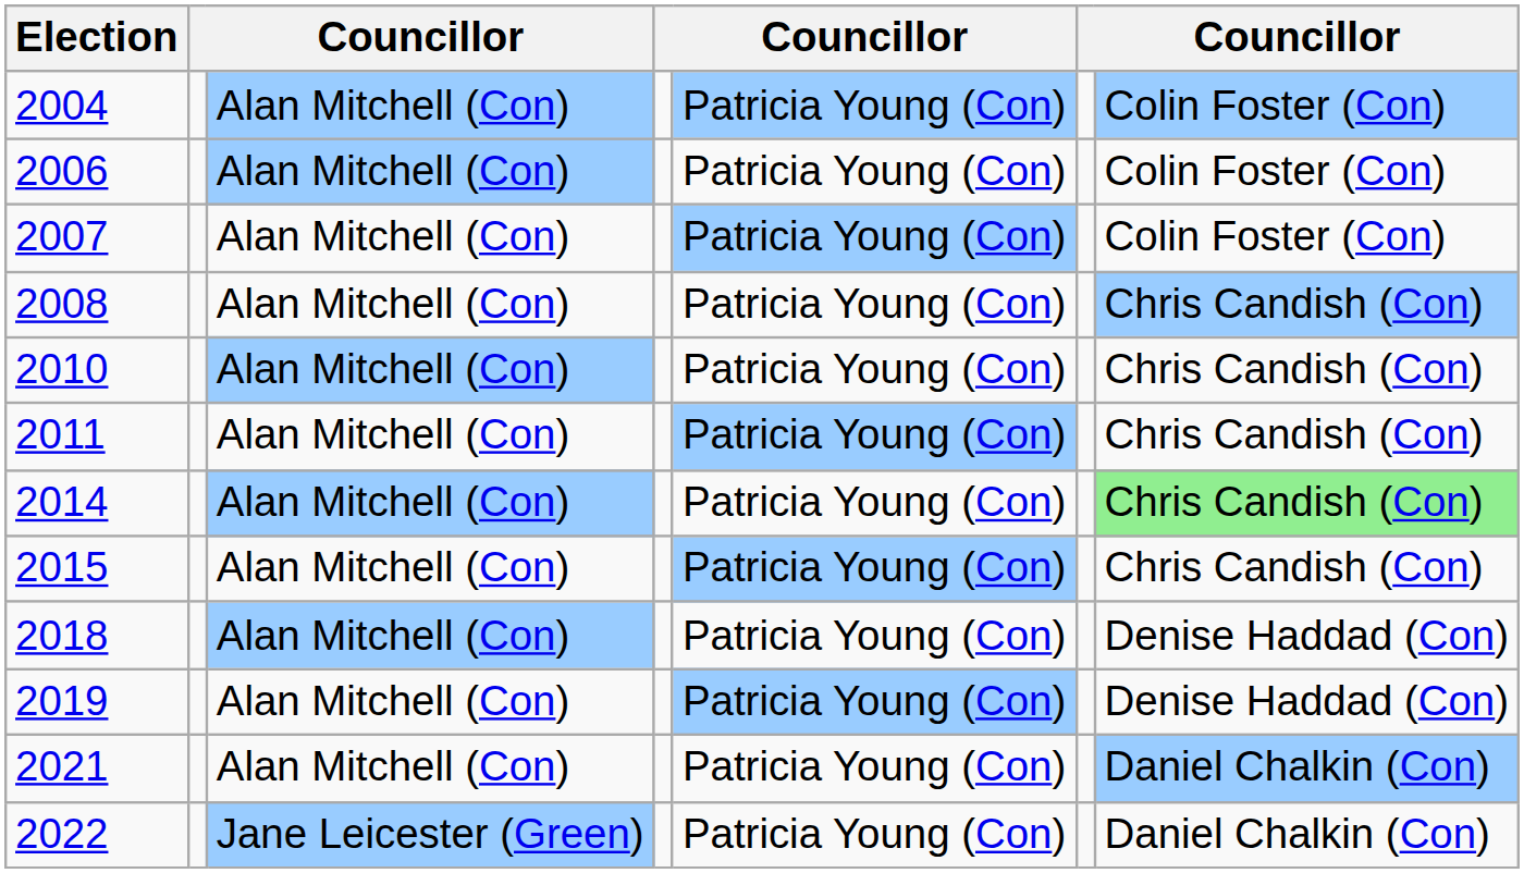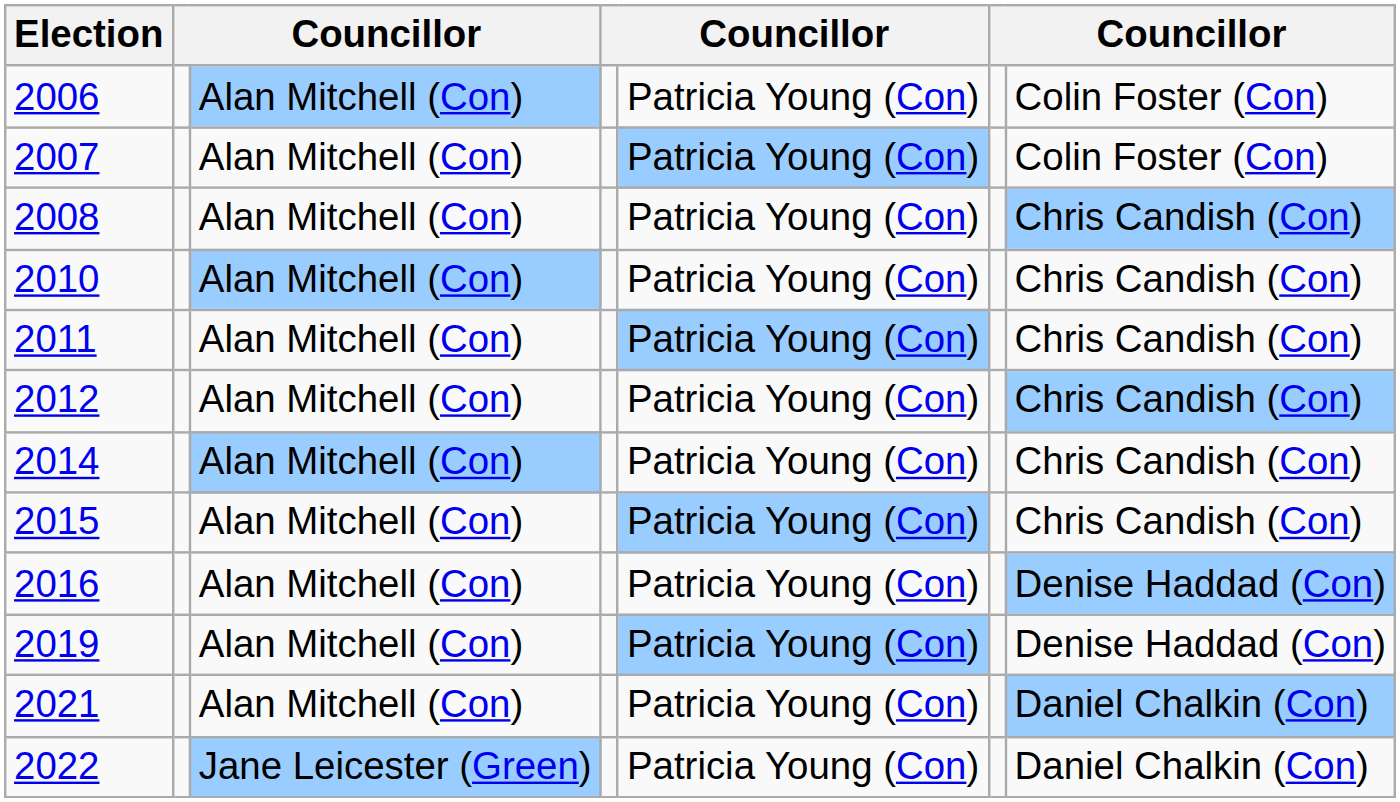 <table class="wikitable">
 <tr>
 <th>Election</th>
 <th colspan="2">Councillor</th>
 <th colspan="2">Councillor</th>
 <th colspan="2">Councillor</th>
-</tr>
-<tr>
-<td><a href='#'>2004</a></td>
-<td style="background-color: "></td>
-<td bgcolor="#99CCFF">Alan Mitchell (<a href='#'>Con</a>)</td>
-<td style="background-color: "></td>
-<td bgcolor="#99CCFF">Patricia Young (<a href='#'>Con</a>)</td>
-<td style="background-color: "></td>
-<td bgcolor="#99CCFF">Colin Foster (<a href='#'>Con</a>)</td>
 </tr>
 <tr>
 <td><a href='#'>2006</a></td>
 <td style="background-color: "></td>
 <td bgcolor="#99CCFF">Alan Mitchell (<a href='#'>Con</a>)</td>
 <td style="background-color: "></td>
 <td>Patricia Young (<a href='#'>Con</a>)</td>
 <td style="background-color: "></td>
 <td>Colin Foster (<a href='#'>Con</a>)</td>
 </tr>
 <tr>
 <td><a href='#'>2007</a></td>
 <td style="background-color: "></td>
 <td>Alan Mitchell (<a href='#'>Con</a>)</td>
 <td style="background-color: "></td>
 <td bgcolor="#99CCFF">Patricia Young (<a href='#'>Con</a>)</td>
 <td style="background-color: "></td>
 <td>Colin Foster (<a href='#'>Con</a>)</td>
 </tr>
 <tr>
 <td><a href='#'>2008</a></td>
 <td style="background-color: "></td>
 <td>Alan Mitchell (<a href='#'>Con</a>)</td>
 <td style="background-color: "></td>
 <td>Patricia Young (<a href='#'>Con</a>)</td>
 <td style="background-color: "></td>
 <td bgcolor="#99CCFF">Chris Candish (<a href='#'>Con</a>)</td>
 </tr>
 <tr>
 <td><a href='#'>2010</a></td>
 <td style="background-color: "></td>
 <td bgcolor="#99CCFF">Alan Mitchell (<a href='#'>Con</a>)</td>
 <td style="background-color: "></td>
 <td>Patricia Young (<a href='#'>Con</a>)</td>
 <td style="background-color: "></td>
 <td>Chris Candish (<a href='#'>Con</a>)</td>
 </tr>
 <tr>
 <td><a href='#'>2011</a></td>
 <td style="background-color: "></td>
 <td>Alan Mitchell (<a href='#'>Con</a>)</td>
 <td style="background-color: "></td>
 <td bgcolor="#99CCFF">Patricia Young (<a href='#'>Con</a>)</td>
 <td style="background-color: "></td>
 <td>Chris Candish (<a href='#'>Con</a>)</td>
 </tr>
 <tr>
+<td><a href='#'>2012</a></td>
+<td style="background-color: "></td>
+<td>Alan Mitchell (<a href='#'>Con</a>)</td>
+<td style="background-color: "></td>
+<td>Patricia Young (<a href='#'>Con</a>)</td>
+<td style="background-color: "></td>
+<td bgcolor="#99CCFF">Chris Candish (<a href='#'>Con</a>)</td>
+</tr>
+<tr>
 <td><a href='#'>2014</a></td>
 <td style="background-color: "></td>
 <td bgcolor="#99CCFF">Alan Mitchell (<a href='#'>Con</a>)</td>
 <td style="background-color: "></td>
 <td>Patricia Young (<a href='#'>Con</a>)</td>
 <td style="background-color: "></td>
-<td style="background: lightgreen;">Chris Candish (<a href='#'>Con</a>)</td>
+<td>Chris Candish (<a href='#'>Con</a>)</td>
 </tr>
 <tr>
 <td><a href='#'>2015</a></td>
 <td style="background-color: "></td>
 <td>Alan Mitchell (<a href='#'>Con</a>)</td>
 <td style="background-color: "></td>
 <td bgcolor="#99CCFF">Patricia Young (<a href='#'>Con</a>)</td>
 <td style="background-color: "></td>
 <td>Chris Candish (<a href='#'>Con</a>)</td>
 </tr>
 <tr>
-<td><a href='#'>2018</a></td>
+<td><a href='#'>2016</a></td>
 <td style="background-color: "></td>
-<td bgcolor="#99CCFF">Alan Mitchell (<a href='#'>Con</a>)</td>
+<td>Alan Mitchell (<a href='#'>Con</a>)</td>
 <td style="background-color: "></td>
 <td>Patricia Young (<a href='#'>Con</a>)</td>
 <td style="background-color: "></td>
-<td>Denise Haddad (<a href='#'>Con</a>)</td>
+<td bgcolor="#99CCFF">Denise Haddad (<a href='#'>Con</a>)</td>
 </tr>
 <tr>
 <td><a href='#'>2019</a></td>
 <td style="background-color: "></td>
 <td>Alan Mitchell (<a href='#'>Con</a>)</td>
 <td style="background-color: "></td>
 <td bgcolor="#99CCFF">Patricia Young (<a href='#'>Con</a>)</td>
 <td style="background-color: "></td>
 <td>Denise Haddad (<a href='#'>Con</a>)</td>
 </tr>
 <tr>
 <td><a href='#'>2021</a></td>
 <td style="background-color: "></td>
 <td>Alan Mitchell (<a href='#'>Con</a>)</td>
 <td style="background-color: "></td>
 <td>Patricia Young (<a href='#'>Con</a>)</td>
 <td style="background-color: "></td>
 <td bgcolor="#99CCFF">Daniel Chalkin (<a href='#'>Con</a>)</td>
 </tr>
 <tr>
 <td><a href='#'>2022</a></td>
 <td style="background-color: "></td>
 <td bgcolor="#99CCFF">Jane Leicester (<a href='#'>Green</a>)</td>
 <td style="background-color: "></td>
 <td>Patricia Young (<a href='#'>Con</a>)</td>
 <td style="background-color: "></td>
 <td>Daniel Chalkin (<a href='#'>Con</a>)</td>
 </tr>
 </table>
